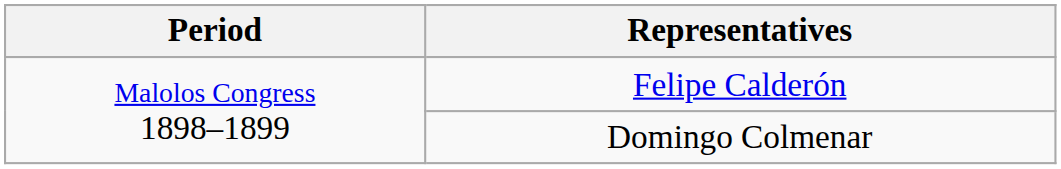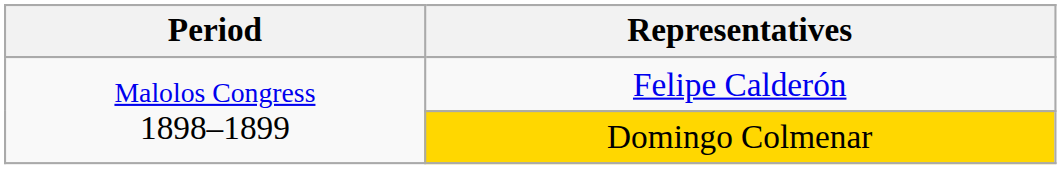 <table class="wikitable" style="text-align:center; width:40%;">
 <tr>
 <th width="40%">Period</th>
 <th>Representatives</th>
 </tr>
 <tr>
 <td rowspan="3"><small><a href='#'>Malolos Congress</a></small><br>1898–1899</td>
 <td><a href='#'>Felipe Calderón</a></td>
 </tr>
 <tr>
-<td>Domingo Colmenar</td>
+<td style="background: gold;">Domingo Colmenar</td>
 </tr>
 </table>
